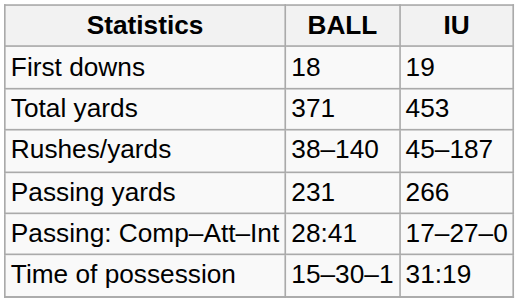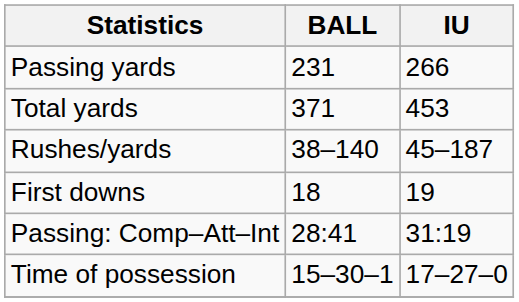 <table class="wikitable" style="float: left;">
 <tr>
 <th>Statistics</th>
 <th>BALL</th>
 <th>IU</th>
 </tr>
 <tr>
-<td>First downs</td>
-<td>18</td>
-<td>19</td>
+<td>Passing yards</td>
+<td>231</td>
+<td>266</td>
 </tr>
 <tr>
 <td>Total yards</td>
 <td>371</td>
 <td>453</td>
 </tr>
 <tr>
 <td>Rushes/yards</td>
 <td>38–140</td>
 <td>45–187</td>
 </tr>
 <tr>
-<td>Passing yards</td>
-<td>231</td>
-<td>266</td>
+<td>First downs</td>
+<td>18</td>
+<td>19</td>
 </tr>
 <tr>
 <td>Passing: Comp–Att–Int</td>
 <td>28:41</td>
-<td>17–27–0</td>
+<td>31:19</td>
 </tr>
 <tr>
 <td>Time of possession</td>
 <td>15–30–1</td>
-<td>31:19</td>
+<td>17–27–0</td>
 </tr>
 <tr>
 </tr>
 </table>
